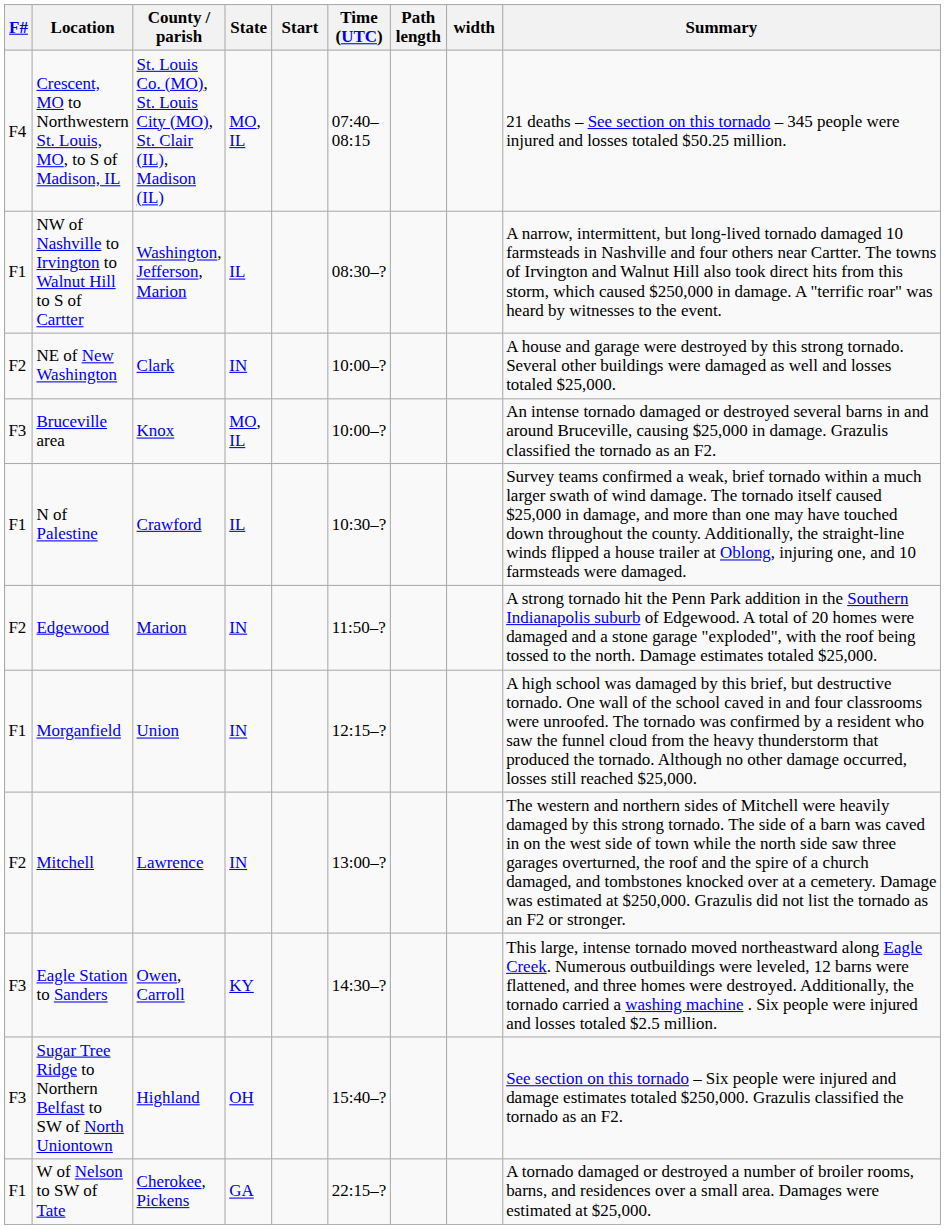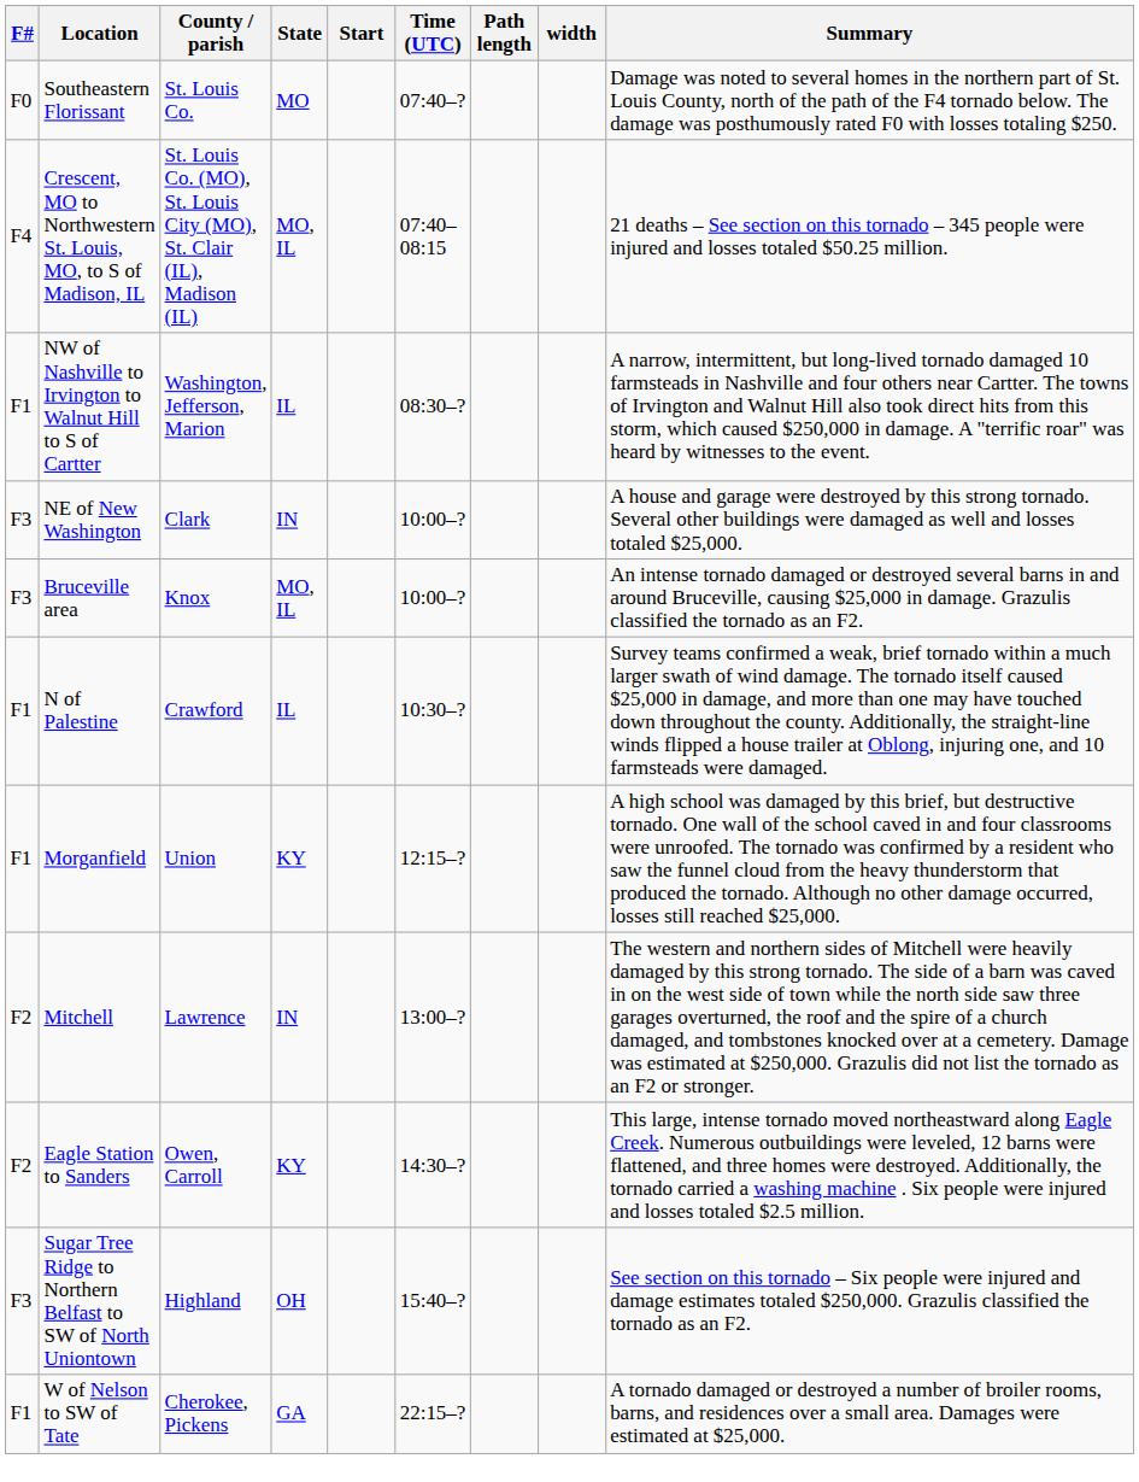 <table class="wikitable sortable" style="width:100%;">
 <tr>
 <th scope="col"  style="width:3%; text-align:center;"><a href='#'>F#</a></th>
 <th scope="col"  style="width:7%; text-align:center;" class="unsortable">Location</th>
 <th scope="col"  style="width:6%; text-align:center;" class="unsortable">County / parish</th>
 <th scope="col"  style="width:5%; text-align:center;">State</th>
 <th scope="col"  style="width:6%; text-align:center;">Start<br></th>
 <th scope="col"  style="width:6%; text-align:center;">Time (<a href='#'>UTC</a>)</th>
 <th scope="col"  style="width:6%; text-align:center;">Path length</th>
 <th scope="col"  style="width:6%; text-align:center;"> width</th>
 <th scope="col" class="unsortable" style="width:48%; text-align:center;">Summary</th>
+</tr>
+<tr>
+<td>F0</td>
+<td>Southeastern <a href='#'>Florissant</a></td>
+<td><a href='#'>St. Louis Co.</a></td>
+<td><a href='#'>MO</a></td>
+<td></td>
+<td>07:40–?</td>
+<td></td>
+<td></td>
+<td>Damage was noted to several homes in the northern part of St. Louis County, north of the path of the F4 tornado below. The damage was posthumously rated F0 with losses totaling $250.</td>
 </tr>
 <tr>
 <td>F4</td>
 <td><a href='#'>Crescent, MO</a> to Northwestern <a href='#'>St. Louis, MO</a>, to S of <a href='#'>Madison, IL</a></td>
 <td><a href='#'>St. Louis Co. (MO)</a>, <a href='#'>St. Louis City (MO)</a>, <a href='#'>St. Clair (IL)</a>, <a href='#'>Madison (IL)</a></td>
 <td><a href='#'>MO</a>, <a href='#'>IL</a></td>
 <td></td>
 <td>07:40–08:15</td>
 <td></td>
 <td></td>
 <td>21 deaths – <a href='#'>See section on this tornado</a> – 345 people were injured and losses totaled $50.25 million.</td>
 </tr>
 <tr>
 <td>F1</td>
 <td>NW of <a href='#'>Nashville</a> to <a href='#'>Irvington</a> to <a href='#'>Walnut Hill</a> to S of <a href='#'>Cartter</a></td>
 <td><a href='#'>Washington</a>, <a href='#'>Jefferson</a>, <a href='#'>Marion</a></td>
 <td><a href='#'>IL</a></td>
 <td></td>
 <td>08:30–?</td>
 <td></td>
 <td></td>
 <td>A narrow, intermittent, but long-lived tornado damaged 10 farmsteads in Nashville and four others near Cartter. The towns of Irvington and Walnut Hill also took direct hits from this storm, which caused $250,000 in damage. A "terrific roar" was heard by witnesses to the event.</td>
 </tr>
 <tr>
-<td>F2</td>
+<td>F3</td>
 <td>NE of <a href='#'>New Washington</a></td>
 <td><a href='#'>Clark</a></td>
 <td><a href='#'>IN</a></td>
 <td></td>
 <td>10:00–?</td>
 <td></td>
 <td></td>
 <td>A house and garage were destroyed by this strong tornado. Several other buildings were damaged as well and losses totaled $25,000.</td>
 </tr>
 <tr>
 <td>F3</td>
 <td><a href='#'>Bruceville</a> area</td>
 <td><a href='#'>Knox</a></td>
 <td><a href='#'>MO</a>, <a href='#'>IL</a></td>
 <td></td>
 <td>10:00–?</td>
 <td></td>
 <td></td>
 <td>An intense tornado damaged or destroyed several barns in and around Bruceville, causing $25,000 in damage. Grazulis classified the tornado as an F2.</td>
 </tr>
 <tr>
 <td>F1</td>
 <td>N of <a href='#'>Palestine</a></td>
 <td><a href='#'>Crawford</a></td>
 <td><a href='#'>IL</a></td>
 <td></td>
 <td>10:30–?</td>
 <td></td>
 <td></td>
 <td>Survey teams confirmed a weak, brief tornado within a much larger swath of wind damage. The tornado itself caused $25,000 in damage, and more than one may have touched down throughout the county. Additionally, the straight-line winds flipped a house trailer at <a href='#'>Oblong</a>, injuring one, and 10 farmsteads were damaged.</td>
 </tr>
 <tr>
-<td>F2</td>
-<td><a href='#'>Edgewood</a></td>
-<td><a href='#'>Marion</a></td>
-<td><a href='#'>IN</a></td>
-<td></td>
-<td>11:50–?</td>
-<td></td>
-<td></td>
-<td>A strong tornado hit the Penn Park addition in the <a href='#'>Southern Indianapolis suburb</a> of Edgewood. A total of 20 homes were damaged and a stone garage "exploded", with the roof being tossed  to the north. Damage estimates totaled $25,000.</td>
-</tr>
-<tr>
 <td>F1</td>
 <td><a href='#'>Morganfield</a></td>
 <td><a href='#'>Union</a></td>
-<td><a href='#'>IN</a></td>
+<td><a href='#'>KY</a></td>
 <td></td>
 <td>12:15–?</td>
 <td></td>
 <td></td>
 <td>A high school was damaged by this brief, but destructive tornado. One wall of the school caved in and four classrooms were unroofed. The tornado was confirmed by a resident who saw the funnel cloud from the heavy thunderstorm that produced the tornado. Although no other damage occurred, losses still reached $25,000.</td>
 </tr>
 <tr>
 <td>F2</td>
 <td><a href='#'>Mitchell</a></td>
 <td><a href='#'>Lawrence</a></td>
 <td><a href='#'>IN</a></td>
 <td></td>
 <td>13:00–?</td>
 <td></td>
 <td></td>
 <td>The western and northern sides of Mitchell were heavily damaged by this strong tornado. The side of a barn was caved in on the west side of town while the north side saw three garages overturned, the roof and the spire of a church damaged, and tombstones knocked over at a cemetery. Damage was estimated at $250,000. Grazulis did not list the tornado as an F2 or stronger.</td>
 </tr>
 <tr>
-<td>F3</td>
+<td>F2</td>
 <td><a href='#'>Eagle Station</a> to <a href='#'>Sanders</a></td>
 <td><a href='#'>Owen</a>, <a href='#'>Carroll</a></td>
 <td><a href='#'>KY</a></td>
 <td></td>
 <td>14:30–?</td>
 <td></td>
 <td></td>
 <td>This large, intense tornado moved northeastward along <a href='#'>Eagle Creek</a>. Numerous outbuildings were leveled, 12 barns were flattened, and three homes were destroyed. Additionally, the tornado carried a <a href='#'>washing machine</a> . Six people were injured and losses totaled $2.5 million.</td>
 </tr>
 <tr>
 <td>F3</td>
 <td><a href='#'>Sugar Tree Ridge</a> to Northern <a href='#'>Belfast</a> to SW of <a href='#'>North Uniontown</a></td>
 <td><a href='#'>Highland</a></td>
 <td><a href='#'>OH</a></td>
 <td></td>
 <td>15:40–?</td>
 <td></td>
 <td></td>
 <td><a href='#'>See section on this tornado</a> – Six people were injured and damage estimates totaled $250,000. Grazulis classified the tornado as an F2.</td>
 </tr>
 <tr>
 <td>F1</td>
 <td>W of <a href='#'>Nelson</a> to SW of <a href='#'>Tate</a></td>
 <td><a href='#'>Cherokee</a>, <a href='#'>Pickens</a></td>
 <td><a href='#'>GA</a></td>
 <td></td>
 <td>22:15–?</td>
 <td></td>
 <td></td>
 <td>A tornado damaged or destroyed a number of broiler rooms, barns, and residences over a small area. Damages were estimated at $25,000.</td>
 </tr>
 </table>
